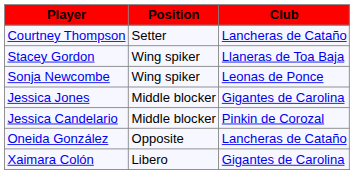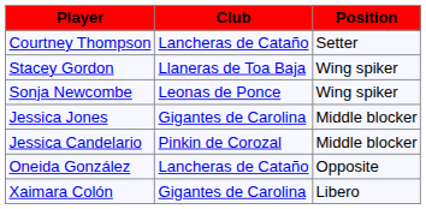 <table bgcolor="#f7f8ff" cellpadding="3" cellspacing="0" border="1" style="font-size: 95%; border: gray solid 1px; border-collapse: collapse;">
 <tr bgcolor="#ff0000">
 <td align=center><strong>Player</strong></td>
+<td align=center><strong>Club</strong></td>
 <td align=center><strong>Position</strong></td>
-<td align=center><strong>Club</strong></td>
 </tr>
 <tr align="left">
 <td> <a href='#'>Courtney Thompson</a></td>
+<td><a href='#'>Lancheras de Cataño</a></td>
 <td>Setter</td>
-<td><a href='#'>Lancheras de Cataño</a></td>
 </tr>
 <tr align="left">
 <td> <a href='#'>Stacey Gordon</a></td>
+<td><a href='#'>Llaneras de Toa Baja</a></td>
 <td>Wing spiker</td>
-<td><a href='#'>Llaneras de Toa Baja</a></td>
 </tr>
 <tr align="left">
 <td> <a href='#'>Sonja Newcombe</a></td>
+<td><a href='#'>Leonas de Ponce</a></td>
 <td>Wing spiker</td>
-<td><a href='#'>Leonas de Ponce</a></td>
 </tr>
 <tr align="left">
 <td> <a href='#'>Jessica Jones</a></td>
+<td><a href='#'>Gigantes de Carolina</a></td>
 <td>Middle blocker</td>
-<td><a href='#'>Gigantes de Carolina</a></td>
 </tr>
 <tr align="left">
 <td> <a href='#'>Jessica Candelario</a></td>
+<td><a href='#'>Pinkin de Corozal</a></td>
 <td>Middle blocker</td>
-<td><a href='#'>Pinkin de Corozal</a></td>
 </tr>
 <tr align="left">
 <td> <a href='#'>Oneida González</a></td>
+<td><a href='#'>Lancheras de Cataño</a></td>
 <td>Opposite</td>
-<td><a href='#'>Lancheras de Cataño</a></td>
 </tr>
 <tr align="left">
 <td> <a href='#'>Xaimara Colón</a></td>
+<td><a href='#'>Gigantes de Carolina</a></td>
 <td>Libero</td>
-<td><a href='#'>Gigantes de Carolina</a></td>
 </tr>
 </table>
